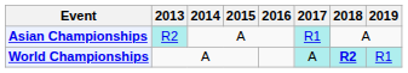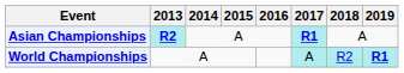 <table class="wikitable" style="font-size: 90%; text-align:center">
 <tr>
 <th>Event</th>
 <th>2013</th>
 <th>2014</th>
 <th>2015</th>
 <th>2016</th>
 <th>2017</th>
 <th>2018</th>
 <th>2019</th>
 </tr>
 <tr>
 <td bgcolor="#ECF2FF"; align="left"><strong><a href='#'>Asian Championships</a></strong></td>
-<td bgcolor=AFEEEE><a href='#'>R2</a></td>
+<td bgcolor=AFEEEE><strong><a href='#'>R2</a></strong></td>
 <td colspan="3">A</td>
-<td bgcolor=AFEEEE><a href='#'>R1</a></td>
+<td bgcolor=AFEEEE><strong><a href='#'>R1</a></strong></td>
 <td colspan="2">A</td>
 </tr>
 <tr>
 <td bgcolor="#ECF2FF"; align="left"><strong><a href='#'>World Championships</a></strong></td>
 <td colspan="3">A</td>
 <td></td>
 <td style="background: paleturquoise;">A</td>
-<td bgcolor=AFEEEE><strong><a href='#'>R2</a></strong></td>
-<td bgcolor=AFEEEE><a href='#'>R1</a></td>
+<td bgcolor=AFEEEE><a href='#'>R2</a></td>
+<td bgcolor=AFEEEE><strong><a href='#'>R1</a></strong></td>
 </tr>
 </table>
